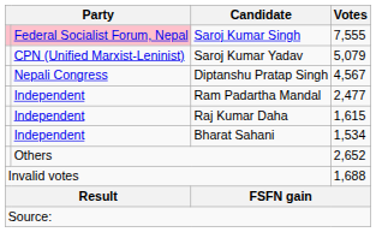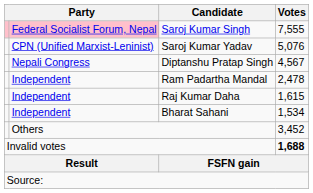 <table class="wikitable">
 <tr>
 <th colspan="2">Party</th>
 <th>Candidate</th>
 <th>Votes</th>
 </tr>
 <tr>
 <td style="background-color:pink"></td>
 <td style="background: pink;"><a href='#'>Federal Socialist Forum, Nepal</a></td>
 <td><a href='#'>Saroj Kumar Singh</a></td>
 <td>7,555</td>
 </tr>
 <tr>
 <td style="background-color:"></td>
 <td><a href='#'>CPN (Unified Marxist-Leninist)</a></td>
 <td>Saroj Kumar Yadav</td>
-<td>5,079</td>
+<td>5,076</td>
 </tr>
 <tr>
 <td style="background-color:"></td>
 <td><a href='#'>Nepali Congress</a></td>
 <td>Diptanshu Pratap Singh</td>
 <td>4,567</td>
 </tr>
 <tr>
 <td style="background-color:"></td>
 <td><a href='#'>Independent</a></td>
 <td>Ram Padartha Mandal</td>
-<td>2,477</td>
+<td>2,478</td>
 </tr>
 <tr>
 <td style="background-color:"></td>
 <td><a href='#'>Independent</a></td>
 <td>Raj Kumar Daha</td>
 <td>1,615</td>
 </tr>
 <tr>
 <td style="background-color:"></td>
 <td><a href='#'>Independent</a></td>
 <td>Bharat Sahani</td>
 <td>1,534</td>
 </tr>
 <tr>
 <td></td>
 <td colspan="2">Others</td>
-<td>2,652</td>
+<td>3,452</td>
 </tr>
 <tr>
 <td colspan="3">Invalid votes</td>
-<td>1,688</td>
+<td><strong>1,688</strong></td>
 </tr>
 <tr>
 <th colspan="2">Result</th>
 <th colspan="2">FSFN gain</th>
 </tr>
 <tr>
 <td colspan="4">Source: </td>
 </tr>
 </table>
